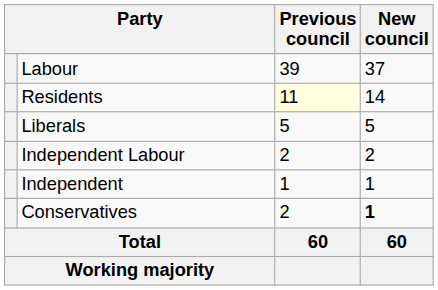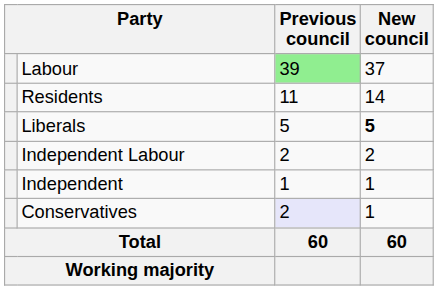 <table class="wikitable">
 <tr>
 <th valign=top colspan="2" style="width: 230px">Party</th>
 <th valign=top style="width: 30px">Previous council</th>
 <th valign=top style="width: 30px">New council</th>
 </tr>
 <tr>
 <th style="background-color: "></th>
 <td>Labour</td>
-<td>39</td>
+<td style="background: lightgreen;">39</td>
 <td>37</td>
 </tr>
 <tr>
 <th style="background-color: "></th>
 <td>Residents</td>
-<td style="background: lightyellow;">11</td>
+<td>11</td>
 <td>14</td>
 </tr>
 <tr>
 <th style="background-color: "></th>
 <td>Liberals</td>
 <td>5</td>
-<td>5</td>
+<td><strong>5</strong></td>
 </tr>
 <tr>
 <th style="background-color: "></th>
 <td>Independent Labour</td>
 <td>2</td>
 <td>2</td>
 </tr>
 <tr>
 <th style="background-color: "></th>
 <td>Independent</td>
 <td>1</td>
 <td>1</td>
 </tr>
 <tr>
 <th style="background-color: "></th>
 <td>Conservatives</td>
-<td>2</td>
-<td><strong>1</strong></td>
+<td style="background: lavender;">2</td>
+<td>1</td>
 </tr>
 <tr>
 <th colspan=2>Total</th>
 <th style="text-align: center">60</th>
 <th colspan=3>60</th>
 </tr>
 <tr>
 <th colspan=2>Working majority</th>
 <th></th>
 <th></th>
 </tr>
 </table>
